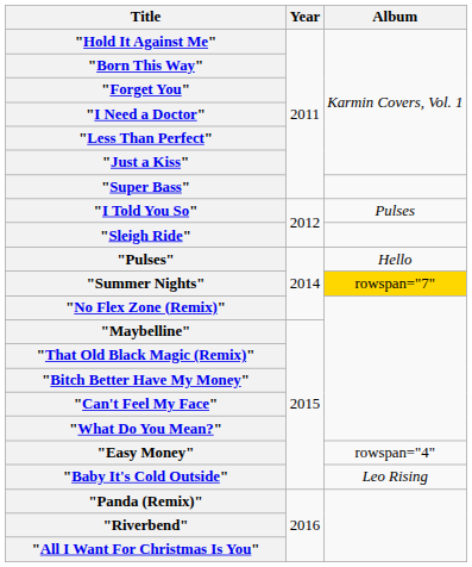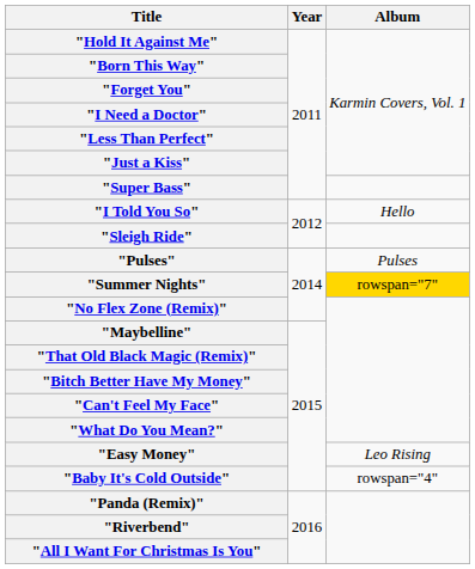 <table class="wikitable plainrowheaders" style="text-align:center;">
 <tr>
 <th scope="col" style="width:18em;">Title</th>
 <th scope="col">Year</th>
 <th scope="col">Album</th>
 </tr>
 <tr>
 <th scope="row">"<a href='#'>Hold It Against Me</a>"</th>
 <td rowspan="7">2011</td>
 <td rowspan="6"><em>Karmin Covers, Vol. 1</em></td>
 </tr>
 <tr>
 <th scope="row">"<a href='#'>Born This Way</a>"</th>
 </tr>
 <tr>
 <th scope="row">"<a href='#'>Forget You</a>"</th>
 </tr>
 <tr>
 <th scope="row">"<a href='#'>I Need a Doctor</a>"</th>
 </tr>
 <tr>
 <th scope="row">"<a href='#'>Less Than Perfect</a>"</th>
 </tr>
 <tr>
 <th scope="row">"<a href='#'>Just a Kiss</a>"</th>
 </tr>
 <tr>
 <th scope="row">"<a href='#'>Super Bass</a>"<br></th>
 <td></td>
 </tr>
 <tr>
 <th scope="row">"<a href='#'>I Told You So</a>"</th>
 <td rowspan="2">2012</td>
-<td><em>Pulses</em></td>
+<td><em>Hello</em></td>
 </tr>
 <tr>
 <th scope="row">"<a href='#'>Sleigh Ride</a>"</th>
 <td></td>
 </tr>
 <tr>
 <th scope="row">"Pulses"</th>
 <td rowspan="3">2014</td>
-<td><em>Hello</em></td>
+<td><em>Pulses</em></td>
 </tr>
 <tr>
 <th scope="row">"Summer Nights"</th>
 <td style="background: gold;">rowspan="7" </td>
 </tr>
 <tr>
 <th scope="row">"<a href='#'>No Flex Zone (Remix)</a>"<br></th>
 </tr>
 <tr>
 <th scope="row">"Maybelline"</th>
 <td rowspan="7">2015</td>
 </tr>
 <tr>
 <th scope="row">"<a href='#'>That Old Black Magic (Remix)</a>"</th>
 </tr>
 <tr>
 <th scope="row">"<a href='#'>Bitch Better Have My Money</a>"</th>
 </tr>
 <tr>
 <th scope="row">"<a href='#'>Can't Feel My Face</a>"</th>
 </tr>
 <tr>
 <th scope="row">"<a href='#'>What Do You Mean?</a>"</th>
 </tr>
 <tr>
 <th scope="row">"Easy Money"</th>
-<td>rowspan="4" </td>
+<td><em>Leo Rising</em></td>
 </tr>
 <tr>
 <th scope="row">"<a href='#'>Baby It's Cold Outside</a>"</th>
-<td><em>Leo Rising</em></td>
+<td>rowspan="4" </td>
 </tr>
 <tr>
 <th scope="row">"Panda (Remix)"</th>
 <td rowspan="3">2016</td>
 </tr>
 <tr>
 <th scope="row">"Riverbend"</th>
 </tr>
 <tr>
 <th scope="row">"<a href='#'>All I Want For Christmas Is You</a>"</th>
 </tr>
 </table>
